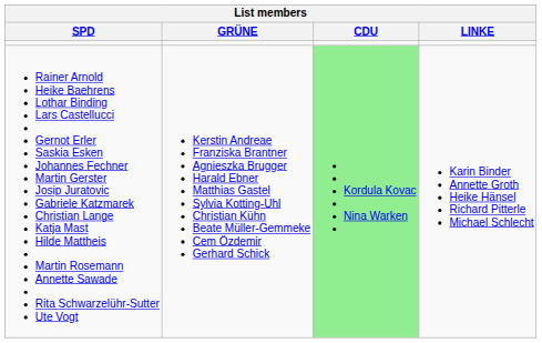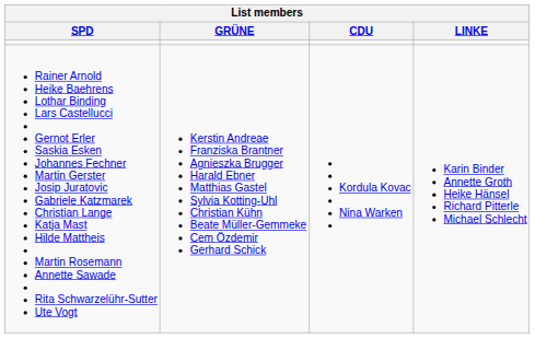 <table class="wikitable">
 <tr>
 <th colspan="4">List members</th>
 </tr>
 <tr>
 <th><a href='#'>SPD</a></th>
 <th><a href='#'>GRÜNE</a></th>
 <th><a href='#'>CDU</a></th>
 <th><a href='#'>LINKE</a></th>
 </tr>
 <tr>
 <td></td>
 <td></td>
 <td></td>
 <td></td>
 </tr>
 <tr>
 <td><br><ul><li><a href='#'>Rainer Arnold</a></li><li><a href='#'>Heike Baehrens</a></li><li><a href='#'>Lothar Binding</a></li><li><a href='#'>Lars Castellucci</a></li><li></li><li><a href='#'>Gernot Erler</a></li><li><a href='#'>Saskia Esken</a></li><li><a href='#'>Johannes Fechner</a></li><li><a href='#'>Martin Gerster</a></li><li><a href='#'>Josip Juratovic</a></li><li><a href='#'>Gabriele Katzmarek</a></li><li><a href='#'>Christian Lange</a></li><li><a href='#'>Katja Mast</a></li><li><a href='#'>Hilde Mattheis</a></li><li></li><li><a href='#'>Martin Rosemann</a></li><li><a href='#'>Annette Sawade</a></li><li></li><li><a href='#'>Rita Schwarzelühr-Sutter</a></li><li><a href='#'>Ute Vogt</a></li></ul></td>
 <td><br><ul><li><a href='#'>Kerstin Andreae</a></li><li><a href='#'>Franziska Brantner</a></li><li><a href='#'>Agnieszka Brugger</a></li><li><a href='#'>Harald Ebner</a></li><li><a href='#'>Matthias Gastel</a></li><li><a href='#'>Sylvia Kotting-Uhl</a></li><li><a href='#'>Christian Kühn</a></li><li><a href='#'>Beate Müller-Gemmeke</a></li><li><a href='#'>Cem Özdemir</a></li><li><a href='#'>Gerhard Schick</a></li></ul></td>
-<td style="background: lightgreen;"><br><ul><li><s></s></li><li></li><li><a href='#'>Kordula Kovac</a></li><li></li><li><a href='#'>Nina Warken</a></li><li></li></ul></td>
+<td><br><ul><li><s></s></li><li></li><li><a href='#'>Kordula Kovac</a></li><li></li><li><a href='#'>Nina Warken</a></li><li></li></ul></td>
 <td><br><ul><li><a href='#'>Karin Binder</a></li><li><a href='#'>Annette Groth</a></li><li><a href='#'>Heike Hänsel</a></li><li><a href='#'>Richard Pitterle</a></li><li><a href='#'>Michael Schlecht</a></li></ul></td>
 </tr>
 </table>
